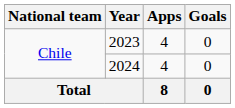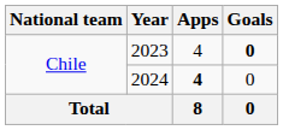 <table class=wikitable style=text-align:center>
 <tr>
 <th>National team</th>
 <th>Year</th>
 <th>Apps</th>
 <th>Goals</th>
 </tr>
 <tr>
 <td rowspan="2"><a href='#'>Chile</a></td>
 <td>2023</td>
 <td>4</td>
-<td>0</td>
+<td><strong>0</strong></td>
 </tr>
 <tr>
 <td>2024</td>
-<td>4</td>
+<td><strong>4</strong></td>
 <td>0</td>
 </tr>
 <tr>
 <th colspan="2">Total</th>
 <th>8</th>
 <th>0</th>
 </tr>
 </table>
